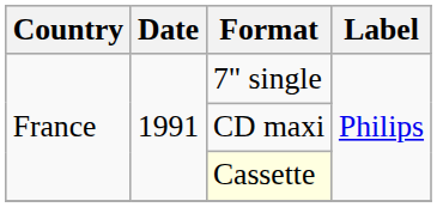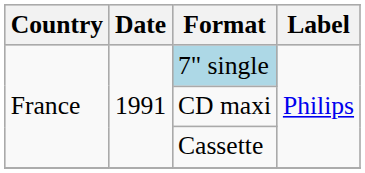 <table class=wikitable>
 <tr>
 <th>Country</th>
 <th>Date</th>
 <th>Format</th>
 <th>Label</th>
 </tr>
 <tr>
 <td rowspan="3">France</td>
 <td rowspan="3">1991</td>
-<td>7" single</td>
+<td style="background: lightblue;">7" single</td>
 <td rowspan="3"><a href='#'>Philips</a></td>
 </tr>
 <tr>
 <td>CD maxi</td>
 </tr>
 <tr>
-<td style="background: lightyellow;">Cassette</td>
+<td>Cassette</td>
 </tr>
 <tr>
 </tr>
 </table>
